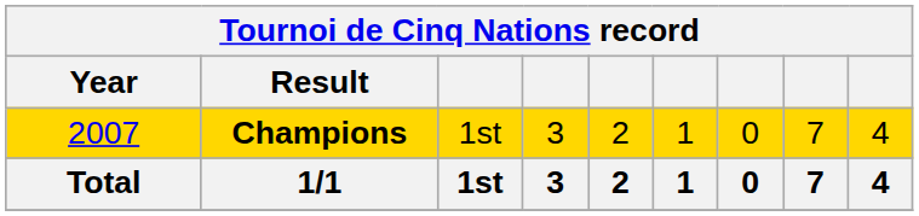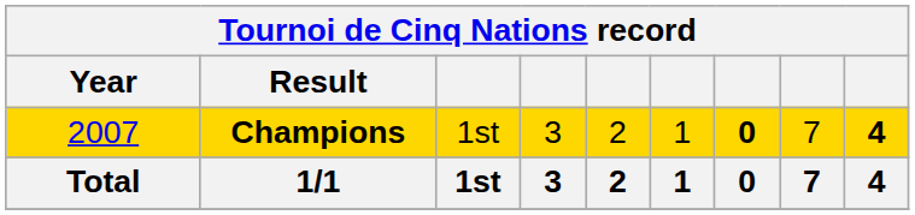 <table class="wikitable" style="text-align:center;">
 <tr>
 <th colspan="9"><a href='#'>Tournoi de Cinq Nations</a> record</th>
 </tr>
 <tr>
 <th style="width:90px;">Year</th>
 <th style="width:110px;">Result</th>
 <th style="width:35px;"></th>
 <th style="width:25px;"></th>
 <th style="width:25px;"></th>
 <th style="width:25px;"></th>
 <th style="width:25px;"></th>
 <th style="width:25px;"></th>
 <th style="width:25px;"></th>
 </tr>
 <tr bgcolor="gold">
 <td> <a href='#'>2007</a></td>
 <td><strong>Champions</strong></td>
 <td>1st</td>
 <td>3</td>
 <td>2</td>
 <td>1</td>
-<td>0</td>
+<td><strong>0</strong></td>
 <td>7</td>
-<td>4</td>
+<td><strong>4</strong></td>
 </tr>
 <tr>
 <th>Total</th>
 <th>1/1</th>
 <th>1st</th>
 <th>3</th>
 <th>2</th>
 <th>1</th>
 <th>0</th>
 <th>7</th>
 <th>4</th>
 </tr>
 <tr>
 </tr>
 </table>
